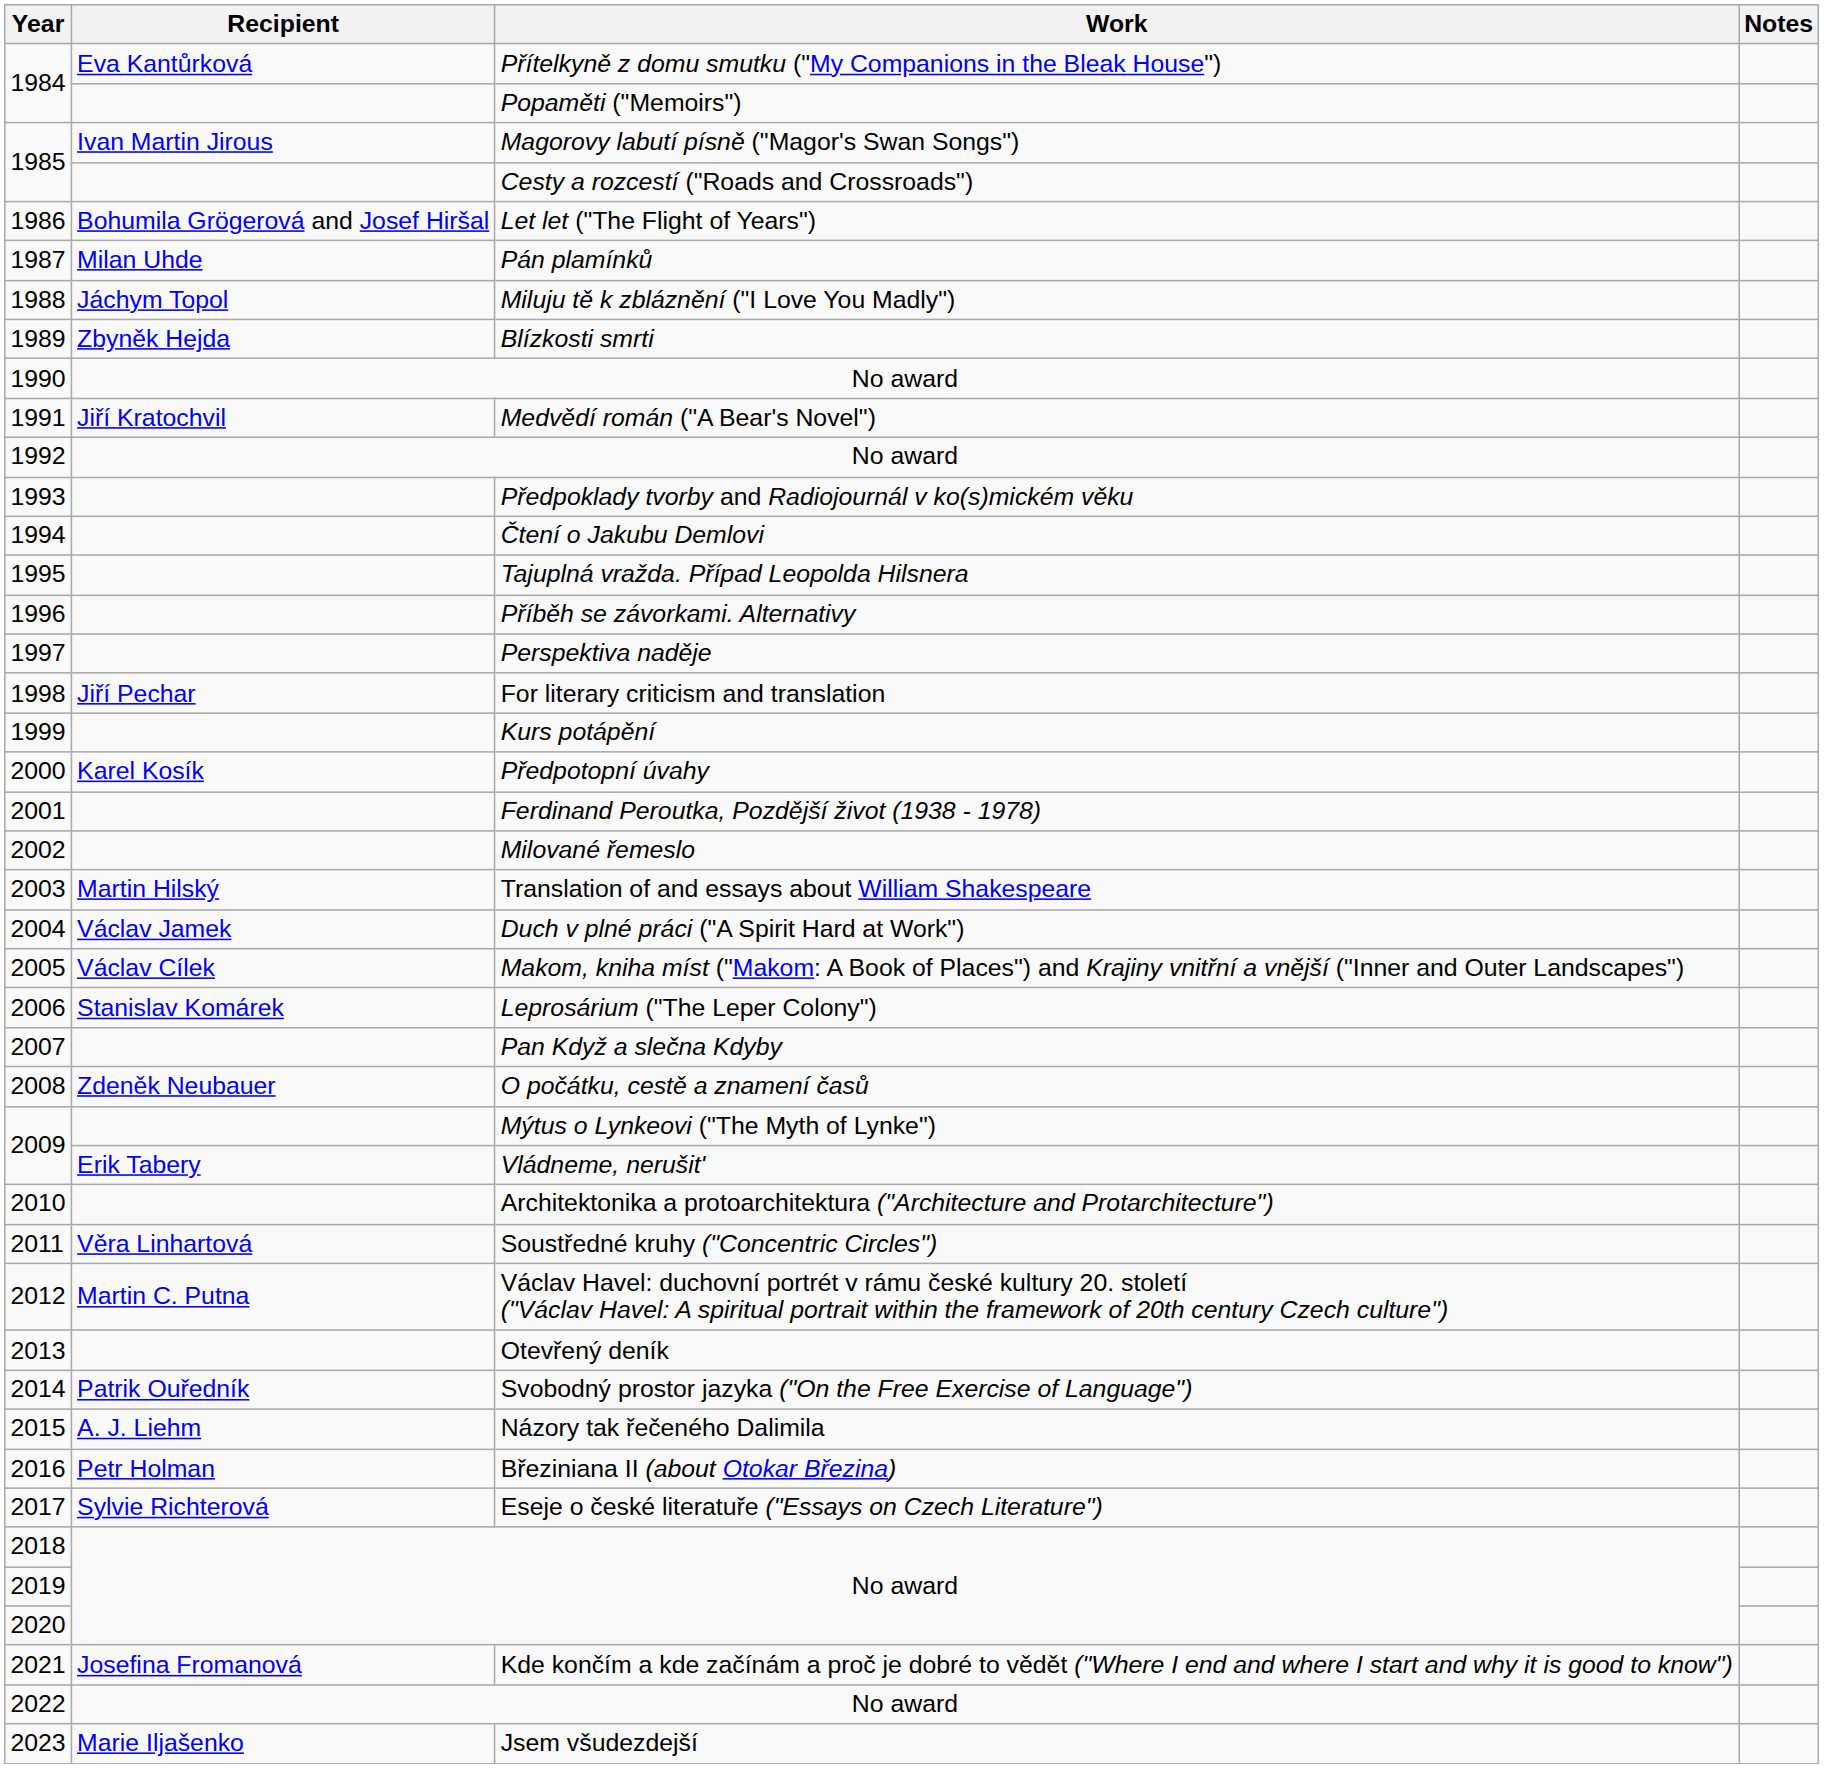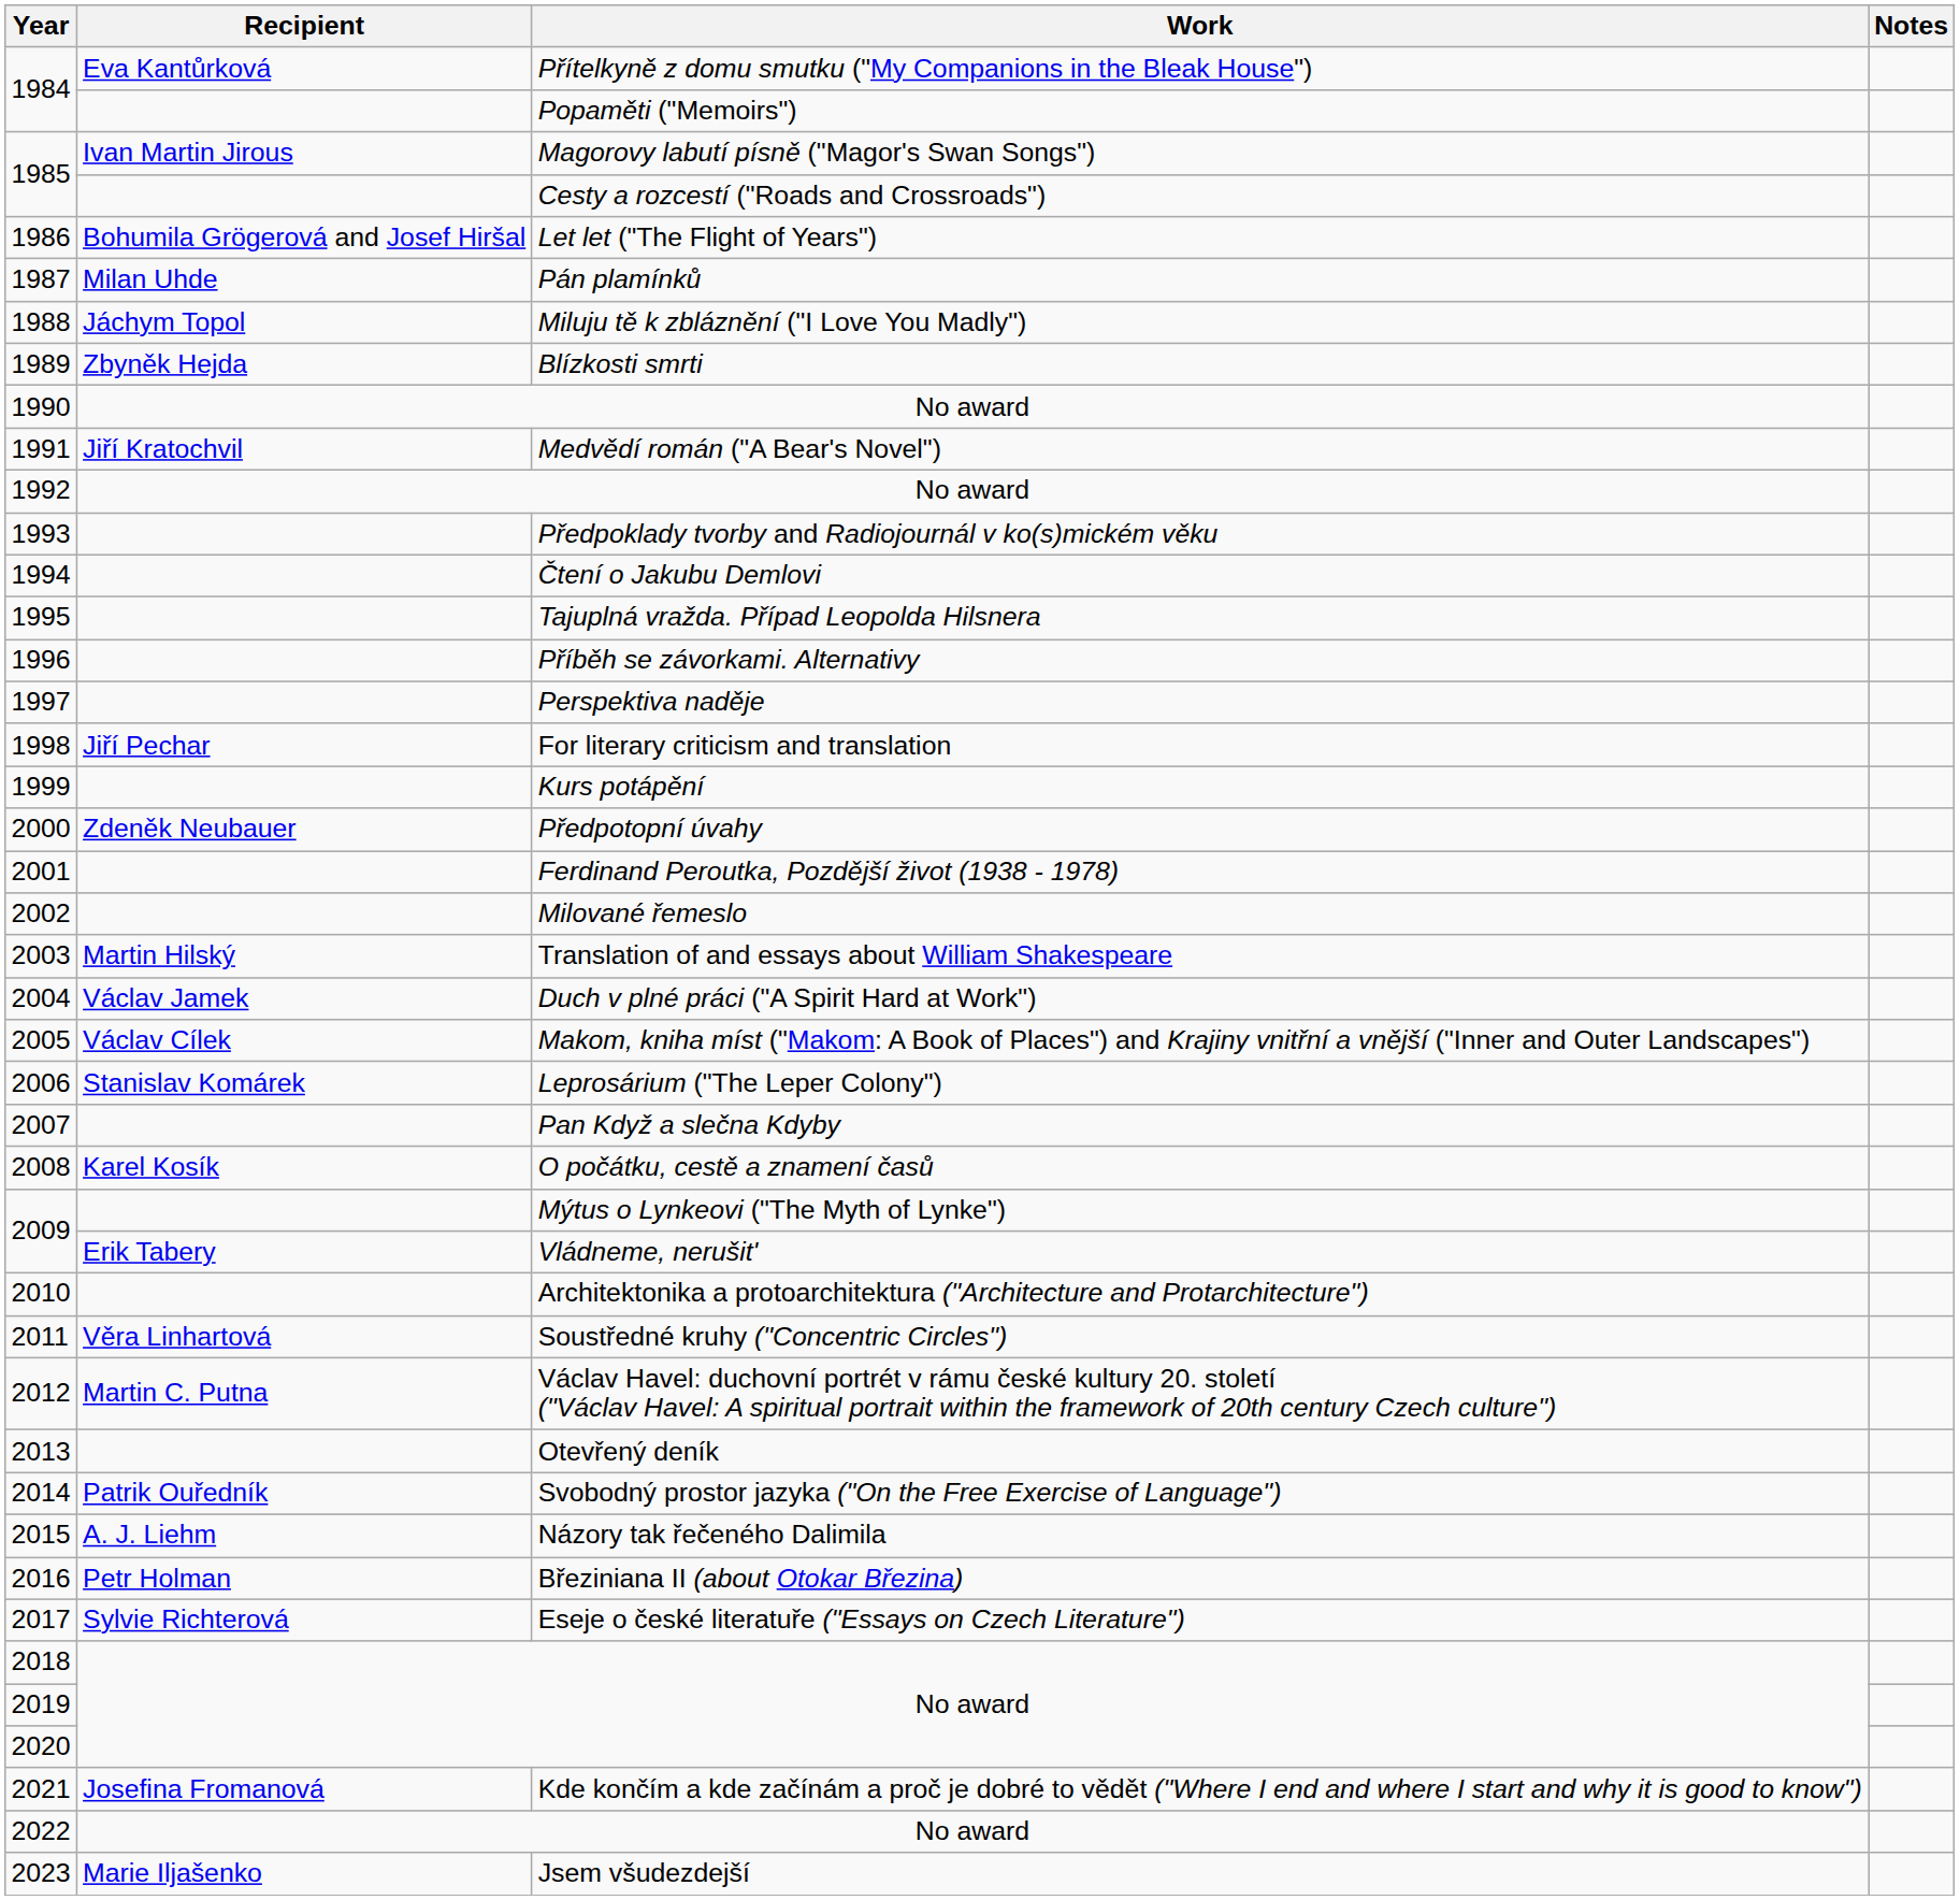 <table class="wikitable sortable">
 <tr>
 <th>Year</th>
 <th>Recipient</th>
 <th>Work</th>
 <th class=unsortable>Notes</th>
 </tr>
 <tr>
 <td rowspan=2>1984</td>
 <td><a href='#'>Eva Kantůrková</a></td>
 <td><em>Přítelkyně z domu smutku</em> ("<a href='#'>My Companions in the Bleak House</a>")</td>
 <td></td>
 </tr>
 <tr>
 <td></td>
 <td><em>Popaměti</em> ("Memoirs")</td>
 <td></td>
 </tr>
 <tr>
 <td rowspan=2>1985</td>
 <td><a href='#'>Ivan Martin Jirous</a></td>
 <td><em>Magorovy labutí písně</em> ("Magor's Swan Songs")</td>
 <td></td>
 </tr>
 <tr>
 <td></td>
 <td><em>Cesty a rozcestí</em> ("Roads and Crossroads")</td>
 <td></td>
 </tr>
 <tr>
 <td>1986</td>
 <td><a href='#'>Bohumila Grögerová</a> and <a href='#'>Josef Hiršal</a></td>
 <td><em>Let let</em> ("The Flight of Years")</td>
 <td></td>
 </tr>
 <tr>
 <td>1987</td>
 <td><a href='#'>Milan Uhde</a></td>
 <td><em>Pán plamínků</em></td>
 <td></td>
 </tr>
 <tr>
 <td>1988</td>
 <td><a href='#'>Jáchym Topol</a></td>
 <td><em>Miluju tě k zbláznění</em> ("I Love You Madly")</td>
 <td></td>
 </tr>
 <tr>
 <td>1989</td>
 <td><a href='#'>Zbyněk Hejda</a></td>
 <td><em>Blízkosti smrti</em></td>
 <td></td>
 </tr>
 <tr>
 <td>1990</td>
 <td colspan=2; style="text-align: center">No award</td>
 <td></td>
 </tr>
 <tr>
 <td>1991</td>
 <td><a href='#'>Jiří Kratochvil</a></td>
 <td><em>Medvědí román</em> ("A Bear's Novel")</td>
 <td></td>
 </tr>
 <tr>
 <td>1992</td>
 <td colspan=2; style="text-align: center">No award</td>
 <td></td>
 </tr>
 <tr>
 <td>1993</td>
 <td></td>
 <td><em>Předpoklady tvorby</em> and <em>Radiojournál v ko(s)mickém věku</em></td>
 <td></td>
 </tr>
 <tr>
 <td>1994</td>
 <td></td>
 <td><em>Čtení o Jakubu Demlovi</em></td>
 <td></td>
 </tr>
 <tr>
 <td>1995</td>
 <td></td>
 <td><em>Tajuplná vražda. Případ Leopolda Hilsnera</em></td>
 <td></td>
 </tr>
 <tr>
 <td>1996</td>
 <td></td>
 <td><em>Příběh se závorkami. Alternativy</em></td>
 <td></td>
 </tr>
 <tr>
 <td>1997</td>
 <td></td>
 <td><em>Perspektiva naděje</em></td>
 <td></td>
 </tr>
 <tr>
 <td>1998</td>
 <td><a href='#'>Jiří Pechar</a></td>
 <td>For literary criticism and translation</td>
 <td></td>
 </tr>
 <tr>
 <td>1999</td>
 <td></td>
 <td><em>Kurs potápění</em></td>
 <td></td>
 </tr>
 <tr>
 <td>2000</td>
-<td><a href='#'>Karel Kosík</a></td>
+<td><a href='#'>Zdeněk Neubauer</a></td>
 <td><em>Předpotopní úvahy</em></td>
 <td></td>
 </tr>
 <tr>
 <td>2001</td>
 <td></td>
 <td><em>Ferdinand Peroutka, Pozdější život (1938 - 1978)</em></td>
 <td></td>
 </tr>
 <tr>
 <td>2002</td>
 <td></td>
 <td><em>Milované řemeslo</em></td>
 <td></td>
 </tr>
 <tr>
 <td>2003</td>
 <td><a href='#'>Martin Hilský</a></td>
 <td>Translation of and essays about <a href='#'>William Shakespeare</a></td>
 <td></td>
 </tr>
 <tr>
 <td>2004</td>
 <td><a href='#'>Václav Jamek</a></td>
 <td><em>Duch v plné práci</em> ("A Spirit Hard at Work")</td>
 <td></td>
 </tr>
 <tr>
 <td>2005</td>
 <td><a href='#'>Václav Cílek</a></td>
 <td><em>Makom, kniha míst</em> ("<a href='#'>Makom</a>: A Book of Places") and <em>Krajiny vnitřní a vnější</em> ("Inner and Outer Landscapes")</td>
 <td></td>
 </tr>
 <tr>
 <td>2006</td>
 <td><a href='#'>Stanislav Komárek</a></td>
 <td><em>Leprosárium</em> ("The Leper Colony")</td>
 <td></td>
 </tr>
 <tr>
 <td>2007</td>
 <td></td>
 <td><em>Pan Když a slečna Kdyby</em></td>
 <td></td>
 </tr>
 <tr>
 <td>2008</td>
-<td><a href='#'>Zdeněk Neubauer</a></td>
+<td><a href='#'>Karel Kosík</a></td>
 <td><em>O počátku, cestě a znamení časů</em></td>
 <td></td>
 </tr>
 <tr>
 <td rowspan=2>2009</td>
 <td></td>
 <td><em>Mýtus o Lynkeovi</em> ("The Myth of Lynke")</td>
 <td></td>
 </tr>
 <tr>
 <td><a href='#'>Erik Tabery</a></td>
 <td><em>Vládneme, nerušit'</td>
 <td></td>
 </tr>
 <tr>
 <td>2010</td>
 <td></td>
 <td></em>Architektonika a protoarchitektura<em> ("Architecture and Protarchitecture")</td>
 <td></td>
 </tr>
 <tr>
 <td>2011</td>
 <td><a href='#'>Věra Linhartová</a></td>
 <td></em>Soustředné kruhy<em> ("Concentric Circles")</td>
 <td></td>
 </tr>
 <tr>
 <td>2012</td>
 <td><a href='#'>Martin C. Putna</a></td>
 <td></em>Václav Havel: duchovní portrét v rámu české kultury 20. století<em><br> ("Václav Havel: A spiritual portrait within the framework of 20th century Czech culture")</td>
 <td></td>
 </tr>
 <tr>
 <td>2013</td>
 <td></td>
 <td></em>Otevřený deník<em></td>
 <td></td>
 </tr>
 <tr>
 <td>2014</td>
 <td><a href='#'>Patrik Ouředník</a></td>
 <td></em>Svobodný prostor jazyka<em> ("On the Free Exercise of Language")</td>
 <td></td>
 </tr>
 <tr>
 <td>2015</td>
 <td><a href='#'>A. J. Liehm</a></td>
 <td></em>Názory tak řečeného Dalimila<em></td>
 <td></td>
 </tr>
 <tr>
 <td>2016</td>
 <td><a href='#'>Petr Holman</a></td>
 <td></em>Březiniana II<em> (about <a href='#'>Otokar Březina</a>)</td>
 <td></td>
 </tr>
 <tr>
 <td>2017</td>
 <td><a href='#'>Sylvie Richterová</a></td>
 <td></em>Eseje o české literatuře<em> ("Essays on Czech Literature")</td>
 <td></td>
 </tr>
 <tr>
 <td>2018</td>
 <td rowspan=3; colspan=2; style="text-align: center">No award</td>
 <td></td>
 </tr>
 <tr>
 <td>2019</td>
 <td></td>
 </tr>
 <tr>
 <td>2020</td>
 <td></td>
 </tr>
 <tr>
 <td>2021</td>
 <td><a href='#'>Josefina Fromanová</a></td>
 <td></em>Kde končím a kde začínám a proč je dobré to vědět<em> ("Where I end and where I start and why it is good to know")</td>
 <td></td>
 </tr>
 <tr>
 <td>2022</td>
 <td colspan=2; style="text-align: center">No award</td>
 <td></td>
 </tr>
 <tr>
 <td>2023</td>
 <td><a href='#'>Marie Iljašenko</a></td>
 <td></em>Jsem všudezdejší<em></td>
 <td></td>
 </tr>
 <tr>
 </tr>
 </table>
